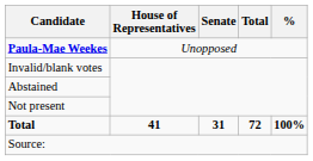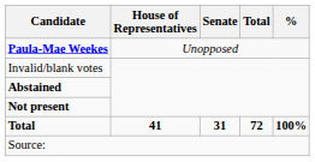 <table class="wikitable">
 <tr>
 <th>Candidate</th>
 <th>House of <br>Representatives</th>
 <th>Senate</th>
 <th>Total</th>
 <th>%</th>
 </tr>
 <tr>
 <td><strong><a href='#'>Paula-Mae Weekes</a></strong></td>
 <td colspan= 4 align=center><em>Unopposed</em></td>
 </tr>
 <tr>
 <td>Invalid/blank votes</td>
 <td colspan= 4 rowspan=3></td>
 </tr>
 <tr>
-<td>Abstained</td>
+<td><strong>Abstained</strong></td>
 </tr>
 <tr>
-<td>Not present</td>
+<td><strong>Not present</strong></td>
 </tr>
 <tr>
 <td><strong>Total</strong></td>
 <td align=center><strong>41</strong></td>
 <td align=center><strong>31</strong></td>
 <td align=center><strong>72</strong></td>
 <td align=center><strong>100%</strong></td>
 </tr>
 <tr>
 <td colspan=5>Source:</td>
 </tr>
 </table>
